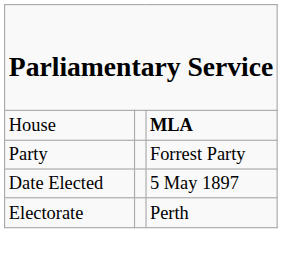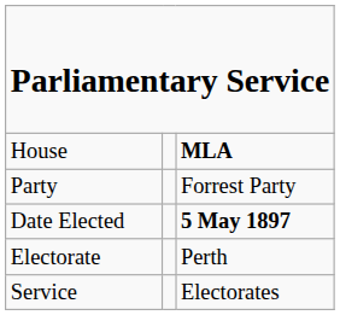 <table class="wikitable">
 <tr>
 <td colspan="3"><br><h2>Parliamentary Service</h2></td>
 </tr>
 <tr>
 <td>House</td>
 <td></td>
 <td><strong>MLA</strong></td>
 </tr>
 <tr>
 <td>Party</td>
 <td></td>
 <td>Forrest Party</td>
 </tr>
 <tr>
 <td>Date Elected</td>
 <td></td>
-<td>5 May 1897</td>
+<td><strong>5 May 1897</strong></td>
 </tr>
 <tr>
 <td>Electorate</td>
 <td></td>
 <td>Perth</td>
 </tr>
+<tr>
+<td>Service</td>
+<td></td>
+<td>Electorates</td>
+</tr>
 </table>
